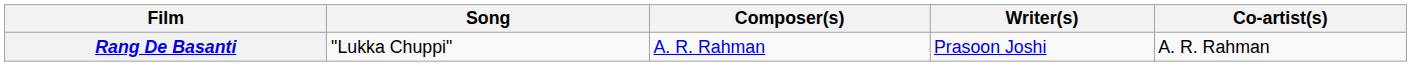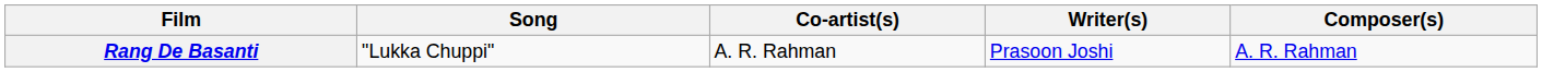 <table class="wikitable plainrowheaders" style="width:100%; textcolor:#000">
 <tr style="background:#b0e0e66;">
 <th scope="col" style="width:23%;"><strong>Film</strong></th>
 <th scope="col" style="width:23%;"><strong>Song</strong></th>
+<th scope="col" style="width:18%;"><strong>Co-artist(s)</strong></th>
+<th scope="col" style="width:16%;"><strong>Writer(s)</strong></th>
 <th scope="col" style="width:20%;"><strong>Composer(s)</strong></th>
-<th scope="col" style="width:16%;"><strong>Writer(s)</strong></th>
-<th scope="col" style="width:18%;"><strong>Co-artist(s)</strong></th>
 </tr>
 <tr>
 <th><em><a href='#'>Rang De Basanti</a></em></th>
 <td>"Lukka Chuppi"</td>
+<td>A. R. Rahman</td>
+<td><a href='#'>Prasoon Joshi</a></td>
 <td><a href='#'>A. R. Rahman</a></td>
-<td><a href='#'>Prasoon Joshi</a></td>
-<td>A. R. Rahman</td>
 </tr>
 </table>
